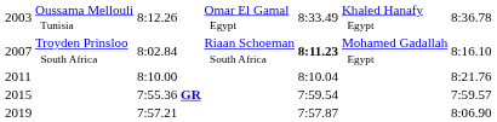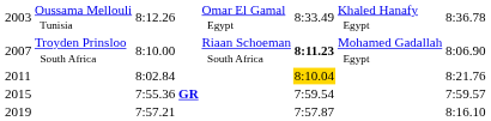 <table>
 <tr>
 <td>2003</td>
 <td><a href='#'>Oussama Mellouli</a> <small><br>    Tunisia </small></td>
 <td>8:12.26</td>
 <td><a href='#'>Omar El Gamal</a> <small><br>    Egypt </small></td>
 <td>8:33.49</td>
 <td><a href='#'>Khaled Hanafy</a> <small><br>    Egypt </small></td>
 <td>8:36.78</td>
 </tr>
 <tr>
 <td>2007</td>
 <td><a href='#'>Troyden Prinsloo</a> <small><br>   South Africa</small></td>
-<td>8:02.84</td>
+<td>8:10.00</td>
 <td><a href='#'>Riaan Schoeman</a> <small><br>   South Africa</small></td>
 <td><strong>8:11.23</strong></td>
 <td><a href='#'>Mohamed Gadallah</a> <small><br>   Egypt</small></td>
-<td>8:16.10</td>
+<td>8:06.90</td>
 </tr>
 <tr>
 <td>2011</td>
 <td></td>
-<td>8:10.00</td>
+<td>8:02.84</td>
 <td></td>
-<td>8:10.04</td>
+<td style="background: gold;">8:10.04</td>
 <td></td>
 <td>8:21.76</td>
 </tr>
 <tr>
 <td>2015<br></td>
 <td></td>
 <td>7:55.36 <strong><a href='#'>GR</a></strong></td>
 <td></td>
 <td>7:59.54</td>
 <td></td>
 <td>7:59.57</td>
 </tr>
 <tr>
 <td>2019<br></td>
 <td></td>
 <td>7:57.21</td>
 <td></td>
 <td>7:57.87</td>
 <td></td>
-<td>8:06.90</td>
+<td>8:16.10</td>
 </tr>
 </table>
